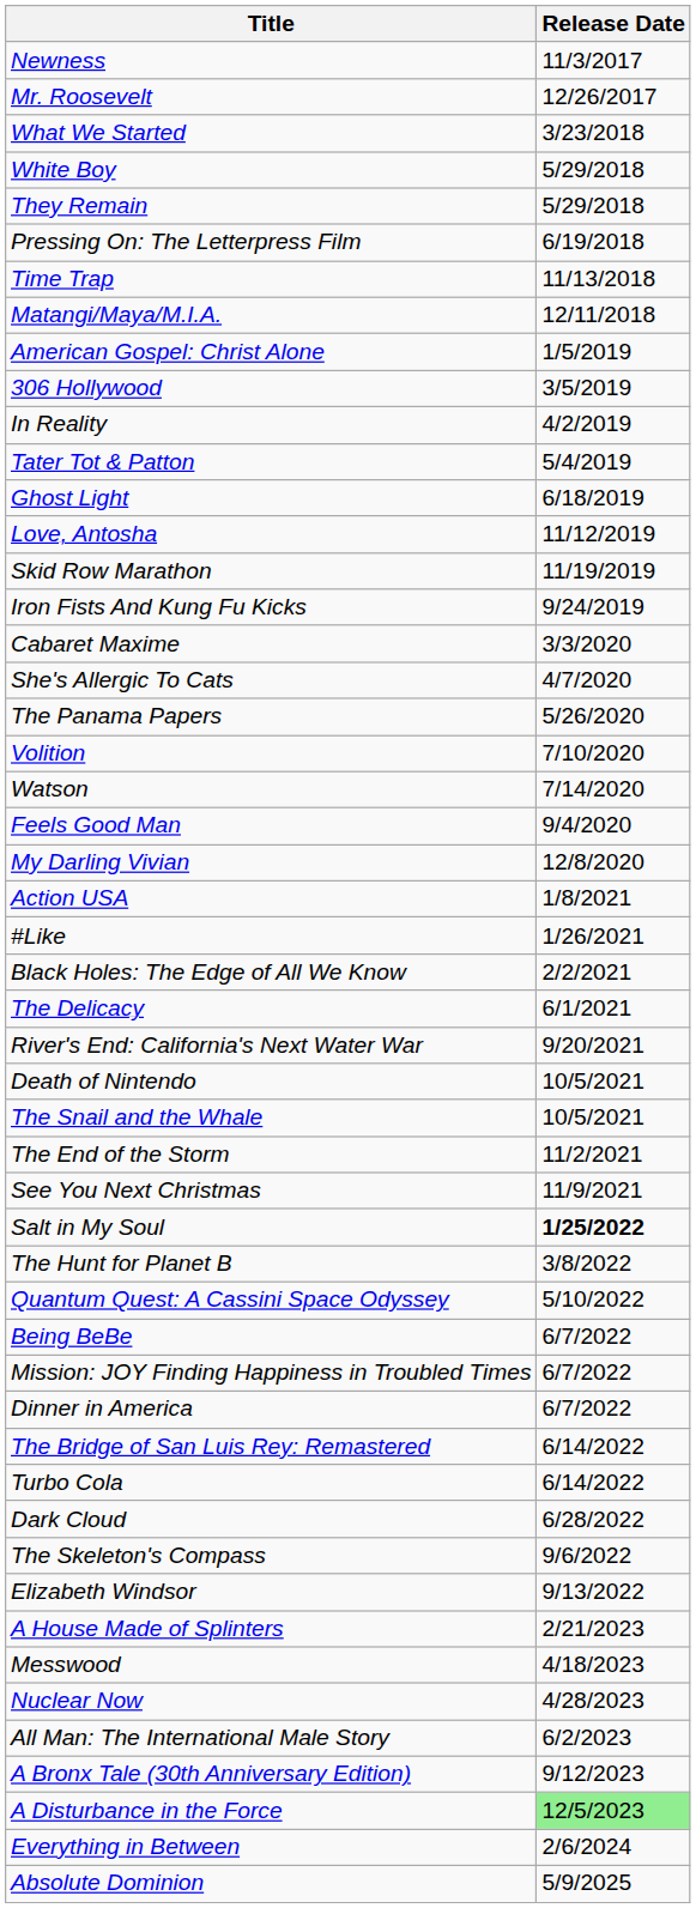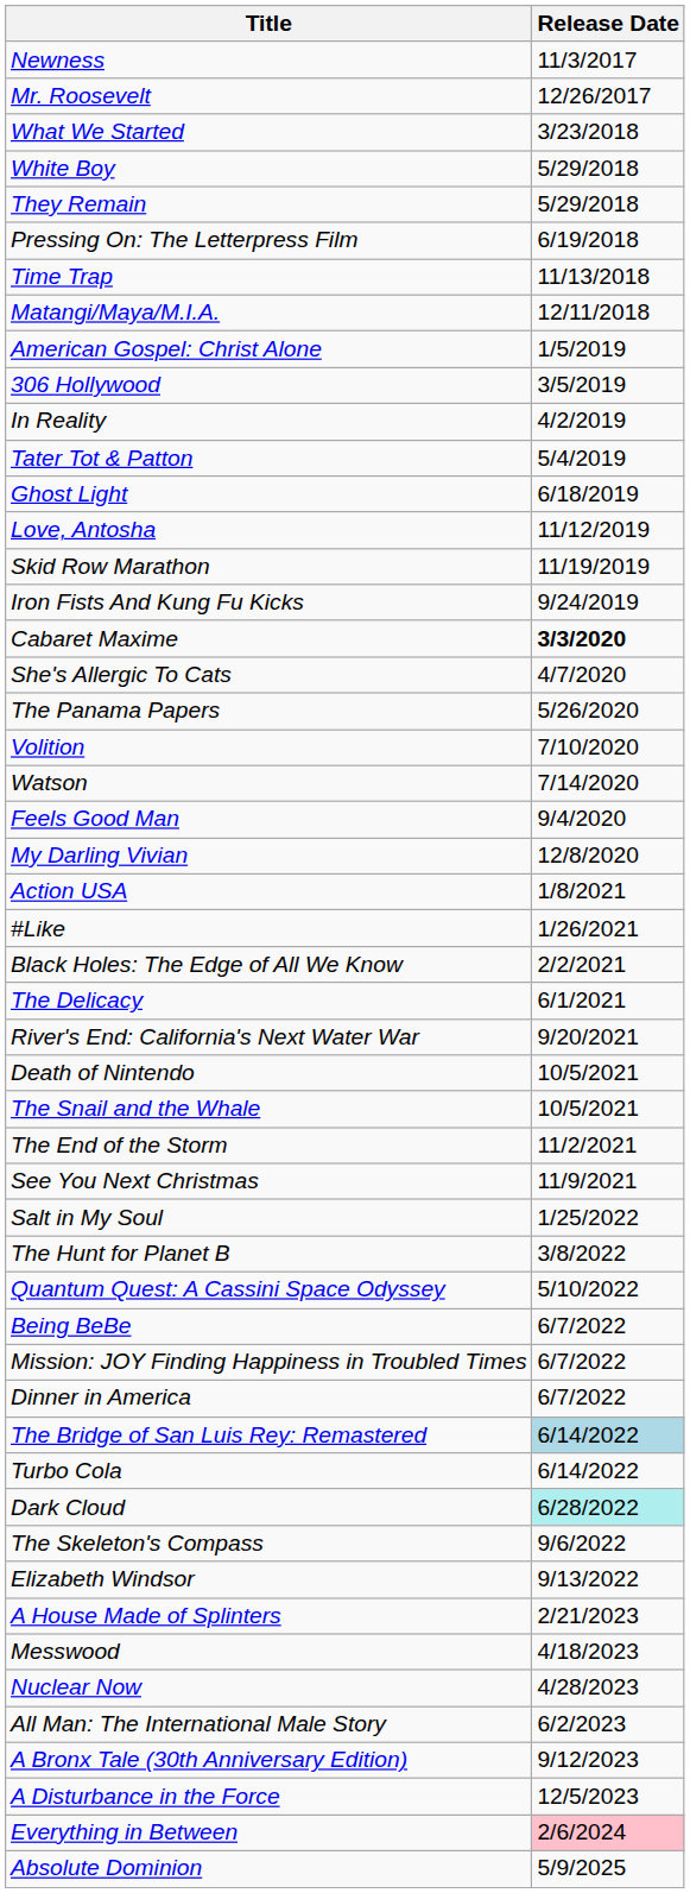 <table class="wikitable">
 <tr>
 <th>Title</th>
 <th>Release Date</th>
 </tr>
 <tr>
 <td><em><a href='#'>Newness</a></em></td>
 <td>11/3/2017</td>
 </tr>
 <tr>
 <td><em><a href='#'>Mr. Roosevelt</a></em></td>
 <td>12/26/2017</td>
 </tr>
 <tr>
 <td><em><a href='#'>What We Started</a></em></td>
 <td>3/23/2018</td>
 </tr>
 <tr>
 <td><em><a href='#'>White Boy</a></em></td>
 <td>5/29/2018</td>
 </tr>
 <tr>
 <td><em><a href='#'>They Remain</a></em></td>
 <td>5/29/2018</td>
 </tr>
 <tr>
 <td><em>Pressing On: The Letterpress Film</em></td>
 <td>6/19/2018</td>
 </tr>
 <tr>
 <td><em><a href='#'>Time Trap</a></em></td>
 <td>11/13/2018</td>
 </tr>
 <tr>
 <td><em><a href='#'>Matangi/Maya/M.I.A.</a></em></td>
 <td>12/11/2018</td>
 </tr>
 <tr>
 <td><em><a href='#'>American Gospel: Christ Alone</a></em></td>
 <td>1/5/2019</td>
 </tr>
 <tr>
 <td><em><a href='#'>306 Hollywood</a></em></td>
 <td>3/5/2019</td>
 </tr>
 <tr>
 <td><em>In Reality</em></td>
 <td>4/2/2019</td>
 </tr>
 <tr>
 <td><em><a href='#'>Tater Tot & Patton</a></em></td>
 <td>5/4/2019</td>
 </tr>
 <tr>
 <td><em><a href='#'>Ghost Light</a></em></td>
 <td>6/18/2019</td>
 </tr>
 <tr>
 <td><em><a href='#'>Love, Antosha</a></em></td>
 <td>11/12/2019</td>
 </tr>
 <tr>
 <td><em>Skid Row Marathon</em></td>
 <td>11/19/2019</td>
 </tr>
 <tr>
 <td><em>Iron Fists And Kung Fu Kicks</em></td>
 <td>9/24/2019</td>
 </tr>
 <tr>
 <td><em>Cabaret Maxime</em></td>
-<td>3/3/2020</td>
+<td><strong>3/3/2020</strong></td>
 </tr>
 <tr>
 <td><em>She's Allergic To Cats</em></td>
 <td>4/7/2020</td>
 </tr>
 <tr>
 <td><em>The Panama Papers</em></td>
 <td>5/26/2020</td>
 </tr>
 <tr>
 <td><em><a href='#'>Volition</a></em></td>
 <td>7/10/2020</td>
 </tr>
 <tr>
 <td><em>Watson</em></td>
 <td>7/14/2020</td>
 </tr>
 <tr>
 <td><em><a href='#'>Feels Good Man</a></em></td>
 <td>9/4/2020</td>
 </tr>
 <tr>
 <td><em><a href='#'>My Darling Vivian</a></em></td>
 <td>12/8/2020</td>
 </tr>
 <tr>
 <td><em><a href='#'>Action USA</a></em></td>
 <td>1/8/2021</td>
 </tr>
 <tr>
 <td><em>#Like</em></td>
 <td>1/26/2021</td>
 </tr>
 <tr>
 <td><em>Black Holes: The Edge of All We Know</em></td>
 <td>2/2/2021</td>
 </tr>
 <tr>
 <td><em><a href='#'>The Delicacy</a></em></td>
 <td>6/1/2021</td>
 </tr>
 <tr>
 <td><em>River's End: California's Next Water War</em></td>
 <td>9/20/2021</td>
 </tr>
 <tr>
 <td><em>Death of Nintendo</em></td>
 <td>10/5/2021</td>
 </tr>
 <tr>
 <td><em><a href='#'>The Snail and the Whale</a></em></td>
 <td>10/5/2021</td>
 </tr>
 <tr>
 <td><em>The End of the Storm</em></td>
 <td>11/2/2021</td>
 </tr>
 <tr>
 <td><em>See You Next Christmas</em></td>
 <td>11/9/2021</td>
 </tr>
 <tr>
 <td><em>Salt in My Soul</em></td>
-<td><strong>1/25/2022</strong></td>
+<td>1/25/2022</td>
 </tr>
 <tr>
 <td><em>The Hunt for Planet B</em></td>
 <td>3/8/2022</td>
 </tr>
 <tr>
 <td><em><a href='#'>Quantum Quest: A Cassini Space Odyssey</a></em></td>
 <td>5/10/2022</td>
 </tr>
 <tr>
 <td><em><a href='#'>Being BeBe</a></em></td>
 <td>6/7/2022</td>
 </tr>
 <tr>
 <td><em>Mission: JOY Finding Happiness in Troubled Times</em></td>
 <td>6/7/2022</td>
 </tr>
 <tr>
 <td><em>Dinner in America</em></td>
 <td>6/7/2022</td>
 </tr>
 <tr>
 <td><em><a href='#'>The Bridge of San Luis Rey: Remastered</a></em></td>
-<td>6/14/2022</td>
+<td style="background: lightblue;">6/14/2022</td>
 </tr>
 <tr>
 <td><em>Turbo Cola</em></td>
 <td>6/14/2022</td>
 </tr>
 <tr>
 <td><em>Dark Cloud</em></td>
-<td>6/28/2022</td>
+<td style="background: paleturquoise;">6/28/2022</td>
 </tr>
 <tr>
 <td><em>The Skeleton's Compass</em></td>
 <td>9/6/2022</td>
 </tr>
 <tr>
 <td><em>Elizabeth Windsor</em></td>
 <td>9/13/2022</td>
 </tr>
 <tr>
 <td><em><a href='#'>A House Made of Splinters</a></em></td>
 <td>2/21/2023</td>
 </tr>
 <tr>
 <td><em>Messwood</em></td>
 <td>4/18/2023</td>
 </tr>
 <tr>
 <td><em><a href='#'>Nuclear Now</a></em></td>
 <td>4/28/2023</td>
 </tr>
 <tr>
 <td><em>All Man: The International Male Story</em></td>
 <td>6/2/2023</td>
 </tr>
 <tr>
 <td><em><a href='#'>A Bronx Tale (30th Anniversary Edition)</a></em></td>
 <td>9/12/2023</td>
 </tr>
 <tr>
 <td><em><a href='#'>A Disturbance in the Force</a></em></td>
-<td style="background: lightgreen;">12/5/2023</td>
+<td>12/5/2023</td>
 </tr>
 <tr>
 <td><em><a href='#'>Everything in Between</a></em></td>
-<td>2/6/2024</td>
+<td style="background: pink;">2/6/2024</td>
 </tr>
 <tr>
 <td><em><a href='#'>Absolute Dominion</a></em></td>
 <td>5/9/2025</td>
 </tr>
 </table>
